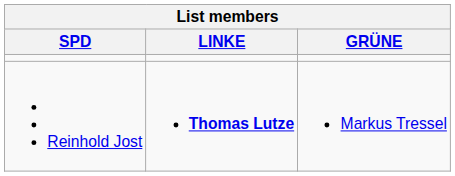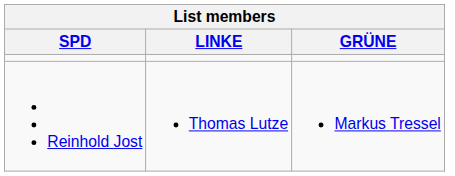 <table class=wikitable>
 <tr>
 <th colspan=3>List members</th>
 </tr>
 <tr>
 <th><a href='#'>SPD</a></th>
 <th><a href='#'>LINKE</a></th>
 <th><a href='#'>GRÜNE</a></th>
 </tr>
 <tr>
 <td bgcolor=></td>
 <td bgcolor=></td>
 <td bgcolor=></td>
 </tr>
 <tr>
 <td><br><ul><li></li><li></li><li><a href='#'>Reinhold Jost</a></li></ul></td>
-<td><strong><br><ul><li><a href='#'>Thomas Lutze</a></li></ul></strong></td>
+<td><br><ul><li><a href='#'>Thomas Lutze</a></li></ul></td>
 <td><br><ul><li><a href='#'>Markus Tressel</a></li></ul></td>
 </tr>
 </table>
